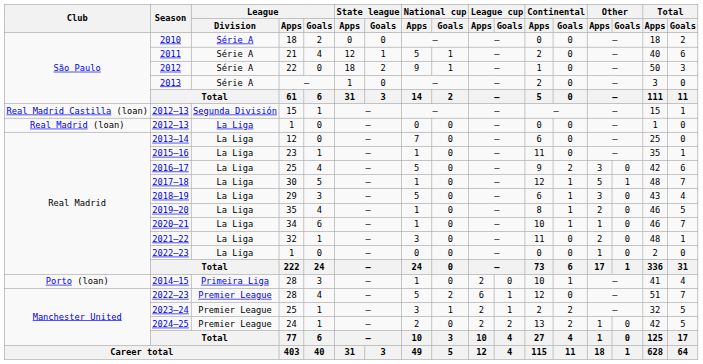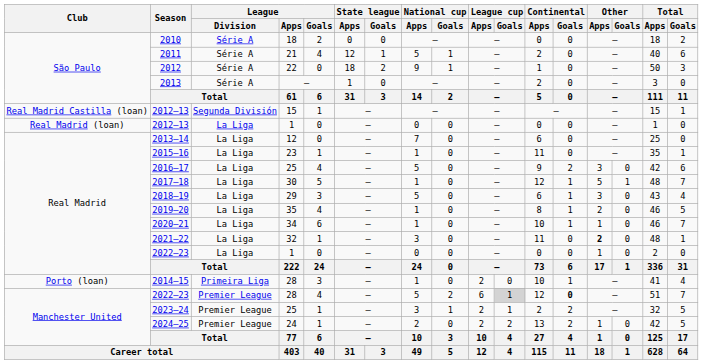 <table class="wikitable" style="text-align: center;">
 <tr>
 <th rowspan="2">Club</th>
 <th rowspan="2">Season</th>
 <th colspan="3">League</th>
 <th colspan="2">State league</th>
 <th colspan="2">National cup</th>
 <th colspan="2">League cup</th>
 <th colspan="2">Continental</th>
 <th colspan="2">Other</th>
 <th colspan="2">Total</th>
 </tr>
 <tr>
 <th>Division</th>
 <th>Apps</th>
 <th>Goals</th>
 <th>Apps</th>
 <th>Goals</th>
 <th>Apps</th>
 <th>Goals</th>
 <th>Apps</th>
 <th>Goals</th>
 <th>Apps</th>
 <th>Goals</th>
 <th>Apps</th>
 <th>Goals</th>
 <th>Apps</th>
 <th>Goals</th>
 </tr>
 <tr>
 <td rowspan="5"><a href='#'>São Paulo</a></td>
 <td><a href='#'>2010</a></td>
 <td><a href='#'>Série A</a></td>
 <td>18</td>
 <td>2</td>
 <td>0</td>
 <td>0</td>
 <td colspan="2">—</td>
 <td colspan="2">—</td>
 <td>0</td>
 <td>0</td>
 <td colspan="2">—</td>
 <td>18</td>
 <td>2</td>
 </tr>
 <tr>
 <td><a href='#'>2011</a></td>
 <td>Série A</td>
 <td>21</td>
 <td>4</td>
 <td>12</td>
 <td>1</td>
 <td>5</td>
 <td>1</td>
 <td colspan="2">—</td>
 <td>2</td>
 <td>0</td>
 <td colspan="2">—</td>
 <td>40</td>
 <td>6</td>
 </tr>
 <tr>
 <td><a href='#'>2012</a></td>
 <td>Série A</td>
 <td>22</td>
 <td>0</td>
 <td>18</td>
 <td>2</td>
 <td>9</td>
 <td>1</td>
 <td colspan="2">—</td>
 <td>1</td>
 <td>0</td>
 <td colspan="2">—</td>
 <td>50</td>
 <td>3</td>
 </tr>
 <tr>
 <td><a href='#'>2013</a></td>
 <td>Série A</td>
 <td colspan="2">—</td>
 <td>1</td>
 <td>0</td>
 <td colspan="2">—</td>
 <td colspan="2">—</td>
 <td>2</td>
 <td>0</td>
 <td colspan="2">—</td>
 <td>3</td>
 <td>0</td>
 </tr>
 <tr>
 <th colspan="2">Total</th>
 <th>61</th>
 <th>6</th>
 <th>31</th>
 <th>3</th>
 <th>14</th>
 <th>2</th>
 <th colspan="2">—</th>
 <th>5</th>
 <th>0</th>
 <th colspan="2">—</th>
 <th>111</th>
 <th>11</th>
 </tr>
 <tr>
 <td><a href='#'>Real Madrid Castilla</a> (loan)</td>
 <td><a href='#'>2012–13</a></td>
 <td><a href='#'>Segunda División</a></td>
 <td>15</td>
 <td>1</td>
 <td colspan="2">—</td>
 <td colspan="2">—</td>
 <td colspan="2">—</td>
 <td colspan="2">—</td>
 <td colspan="2">—</td>
 <td>15</td>
 <td>1</td>
 </tr>
 <tr>
 <td><a href='#'>Real Madrid</a> (loan)</td>
 <td><a href='#'>2012–13</a></td>
 <td><a href='#'>La Liga</a></td>
 <td>1</td>
 <td>0</td>
 <td colspan="2">—</td>
 <td>0</td>
 <td>0</td>
 <td colspan="2">—</td>
 <td>0</td>
 <td>0</td>
 <td colspan="2">—</td>
 <td>1</td>
 <td>0</td>
 </tr>
 <tr>
 <td rowspan="10">Real Madrid</td>
 <td><a href='#'>2013–14</a></td>
 <td>La Liga</td>
 <td>12</td>
 <td>0</td>
 <td colspan="2">—</td>
 <td>7</td>
 <td>0</td>
 <td colspan="2">—</td>
 <td>6</td>
 <td>0</td>
 <td colspan="2">—</td>
 <td>25</td>
 <td>0</td>
 </tr>
 <tr>
 <td><a href='#'>2015–16</a></td>
 <td>La Liga</td>
 <td>23</td>
 <td>1</td>
 <td colspan="2">—</td>
 <td>1</td>
 <td>0</td>
 <td colspan="2">—</td>
 <td>11</td>
 <td>0</td>
 <td colspan="2">—</td>
 <td>35</td>
 <td>1</td>
 </tr>
 <tr>
 <td><a href='#'>2016–17</a></td>
 <td>La Liga</td>
 <td>25</td>
 <td>4</td>
 <td colspan="2">—</td>
 <td>5</td>
 <td>0</td>
 <td colspan="2">—</td>
 <td>9</td>
 <td>2</td>
 <td>3</td>
 <td>0</td>
 <td>42</td>
 <td>6</td>
 </tr>
 <tr>
 <td><a href='#'>2017–18</a></td>
 <td>La Liga</td>
 <td>30</td>
 <td>5</td>
 <td colspan="2">—</td>
 <td>1</td>
 <td>0</td>
 <td colspan="2">—</td>
 <td>12</td>
 <td>1</td>
 <td>5</td>
 <td>1</td>
 <td>48</td>
 <td>7</td>
 </tr>
 <tr>
 <td><a href='#'>2018–19</a></td>
 <td>La Liga</td>
 <td>29</td>
 <td>3</td>
 <td colspan="2">—</td>
 <td>5</td>
 <td>0</td>
 <td colspan="2">—</td>
 <td>6</td>
 <td>1</td>
 <td>3</td>
 <td>0</td>
 <td>43</td>
 <td>4</td>
 </tr>
 <tr>
 <td><a href='#'>2019–20</a></td>
 <td>La Liga</td>
 <td>35</td>
 <td>4</td>
 <td colspan="2">—</td>
 <td>1</td>
 <td>0</td>
 <td colspan="2">—</td>
 <td>8</td>
 <td>1</td>
 <td>2</td>
 <td>0</td>
 <td>46</td>
 <td>5</td>
 </tr>
 <tr>
 <td><a href='#'>2020–21</a></td>
 <td>La Liga</td>
 <td>34</td>
 <td>6</td>
 <td colspan="2">—</td>
 <td>1</td>
 <td>0</td>
 <td colspan="2">—</td>
 <td>10</td>
 <td>1</td>
 <td>1</td>
 <td>0</td>
 <td>46</td>
 <td>7</td>
 </tr>
 <tr>
 <td><a href='#'>2021–22</a></td>
 <td>La Liga</td>
 <td>32</td>
 <td>1</td>
 <td colspan="2">—</td>
 <td>3</td>
 <td>0</td>
 <td colspan="2">—</td>
 <td>11</td>
 <td>0</td>
-<td>2</td>
+<td><strong>2</strong></td>
 <td>0</td>
 <td>48</td>
 <td>1</td>
 </tr>
 <tr>
 <td><a href='#'>2022–23</a></td>
 <td>La Liga</td>
 <td>1</td>
 <td>0</td>
 <td colspan="2">—</td>
 <td>0</td>
 <td>0</td>
 <td colspan="2">—</td>
 <td>0</td>
 <td>0</td>
 <td>1</td>
 <td>0</td>
 <td>2</td>
 <td>0</td>
 </tr>
 <tr>
 <th colspan="2">Total</th>
 <th>222</th>
 <th>24</th>
 <th colspan="2">—</th>
 <th>24</th>
 <th>0</th>
 <th colspan="2">—</th>
 <th>73</th>
 <th>6</th>
 <th>17</th>
 <th>1</th>
 <th>336</th>
 <th>31</th>
 </tr>
 <tr>
 <td><a href='#'>Porto</a> (loan)</td>
 <td><a href='#'>2014–15</a></td>
 <td><a href='#'>Primeira Liga</a></td>
 <td>28</td>
 <td>3</td>
 <td colspan="2">—</td>
 <td>1</td>
 <td>0</td>
 <td>2</td>
 <td>0</td>
 <td>10</td>
 <td>1</td>
 <td colspan="2">—</td>
 <td>41</td>
 <td>4</td>
 </tr>
 <tr>
 <td rowspan="4"><a href='#'>Manchester United</a></td>
 <td><a href='#'>2022–23</a></td>
 <td><a href='#'>Premier League</a></td>
 <td>28</td>
 <td>4</td>
 <td colspan="2">—</td>
 <td>5</td>
 <td>2</td>
 <td>6</td>
-<td>1</td>
+<td style="background: lightgrey;">1</td>
 <td>12</td>
-<td>0</td>
+<td><strong>0</strong></td>
 <td colspan="2">—</td>
 <td>51</td>
 <td>7</td>
 </tr>
 <tr>
 <td><a href='#'>2023–24</a></td>
 <td>Premier League</td>
 <td>25</td>
 <td>1</td>
 <td colspan="2">—</td>
 <td>3</td>
 <td>1</td>
 <td>2</td>
 <td>1</td>
 <td>2</td>
 <td>2</td>
 <td colspan="2">—</td>
 <td>32</td>
 <td>5</td>
 </tr>
 <tr>
 <td><a href='#'>2024–25</a></td>
 <td>Premier League</td>
 <td>24</td>
 <td>1</td>
 <td colspan="2">—</td>
 <td>2</td>
 <td>0</td>
 <td>2</td>
 <td>2</td>
 <td>13</td>
 <td>2</td>
 <td>1</td>
 <td>0</td>
 <td>42</td>
 <td>5</td>
 </tr>
 <tr>
 <th colspan="2">Total</th>
 <th>77</th>
 <th>6</th>
 <th colspan="2">—</th>
 <th>10</th>
 <th>3</th>
 <th>10</th>
 <th>4</th>
 <th>27</th>
 <th>4</th>
 <th>1</th>
 <th>0</th>
 <th>125</th>
 <th>17</th>
 </tr>
 <tr>
 <th colspan="3">Career total</th>
 <th>403</th>
 <th>40</th>
 <th>31</th>
 <th>3</th>
 <th>49</th>
 <th>5</th>
 <th>12</th>
 <th>4</th>
 <th>115</th>
 <th>11</th>
 <th>18</th>
 <th>1</th>
 <th>628</th>
 <th>64</th>
 </tr>
 </table>
